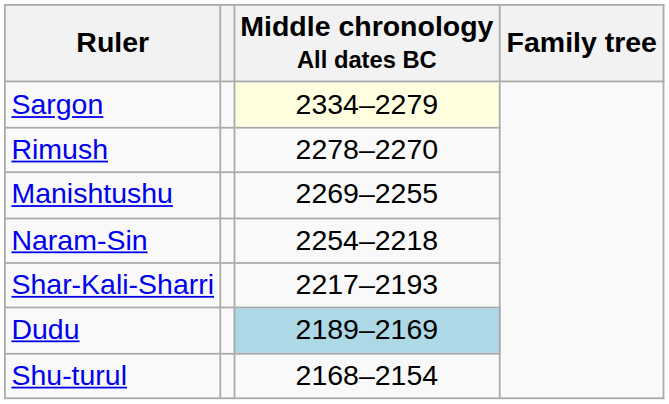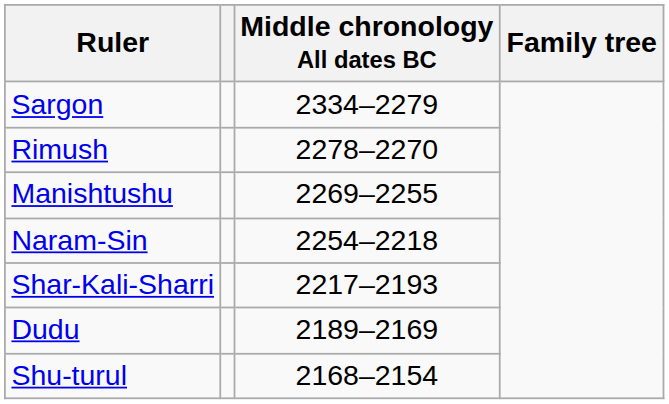 <table class="wikitable">
 <tr>
 <th>Ruler</th>
 <th></th>
 <th>Middle chronology<br><small>All dates BC</small></th>
 <th>Family tree</th>
 </tr>
 <tr>
 <td><a href='#'>Sargon</a></td>
 <td></td>
-<td style="background: lightyellow; text-align:center;">2334–2279</td>
+<td style="text-align:center;">2334–2279</td>
 <td style="text-align:center;" rowspan=7></td>
 </tr>
 <tr>
 <td><a href='#'>Rimush</a></td>
 <td></td>
 <td style="text-align:center;">2278–2270</td>
 </tr>
 <tr>
 <td><a href='#'>Manishtushu</a></td>
 <td></td>
 <td style="text-align:center;">2269–2255</td>
 </tr>
 <tr>
 <td><a href='#'>Naram-Sin</a></td>
 <td></td>
 <td style="text-align:center;">2254–2218</td>
 </tr>
 <tr>
 <td><a href='#'>Shar-Kali-Sharri</a></td>
 <td></td>
 <td style="text-align:center;">2217–2193</td>
 </tr>
 <tr>
 <td><a href='#'>Dudu</a></td>
 <td></td>
-<td style="background: lightblue; text-align:center;">2189–2169</td>
+<td style="text-align:center;">2189–2169</td>
 </tr>
 <tr>
 <td><a href='#'>Shu-turul</a></td>
 <td></td>
 <td style="text-align:center;">2168–2154</td>
 </tr>
 </table>
